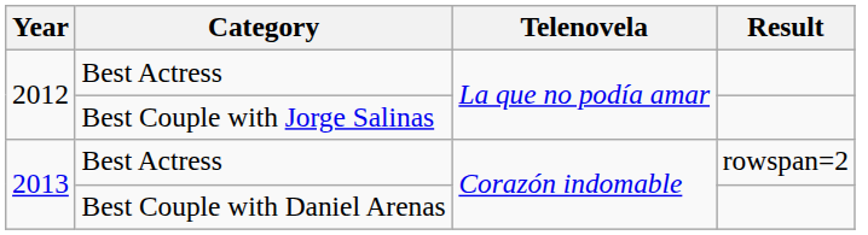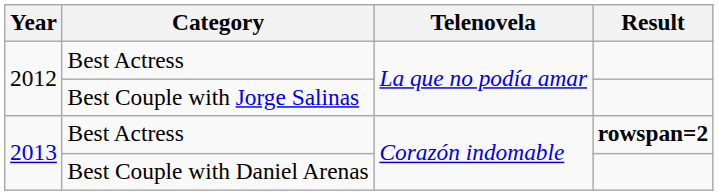 <table class="wikitable">
 <tr>
 <th>Year</th>
 <th>Category</th>
 <th>Telenovela</th>
 <th>Result</th>
 </tr>
 <tr>
 <td rowspan=2>2012</td>
 <td>Best Actress</td>
 <td rowspan=2><em><a href='#'>La que no podía amar</a></em></td>
 <td></td>
 </tr>
 <tr>
 <td>Best Couple with <a href='#'>Jorge Salinas</a></td>
 <td></td>
 </tr>
 <tr>
 <td rowspan=2><a href='#'>2013</a></td>
 <td>Best Actress</td>
 <td rowspan=2><em><a href='#'>Corazón indomable</a> </em></td>
-<td>rowspan=2 </td>
+<td><strong>rowspan=2 </strong></td>
 </tr>
 <tr>
 <td>Best Couple with Daniel Arenas</td>
 </tr>
 </table>
